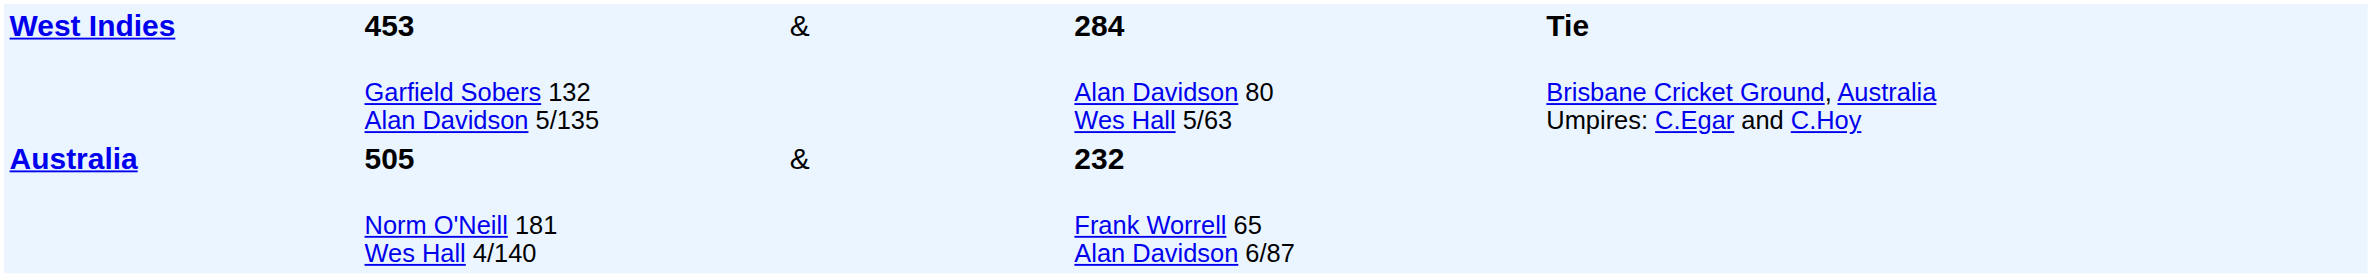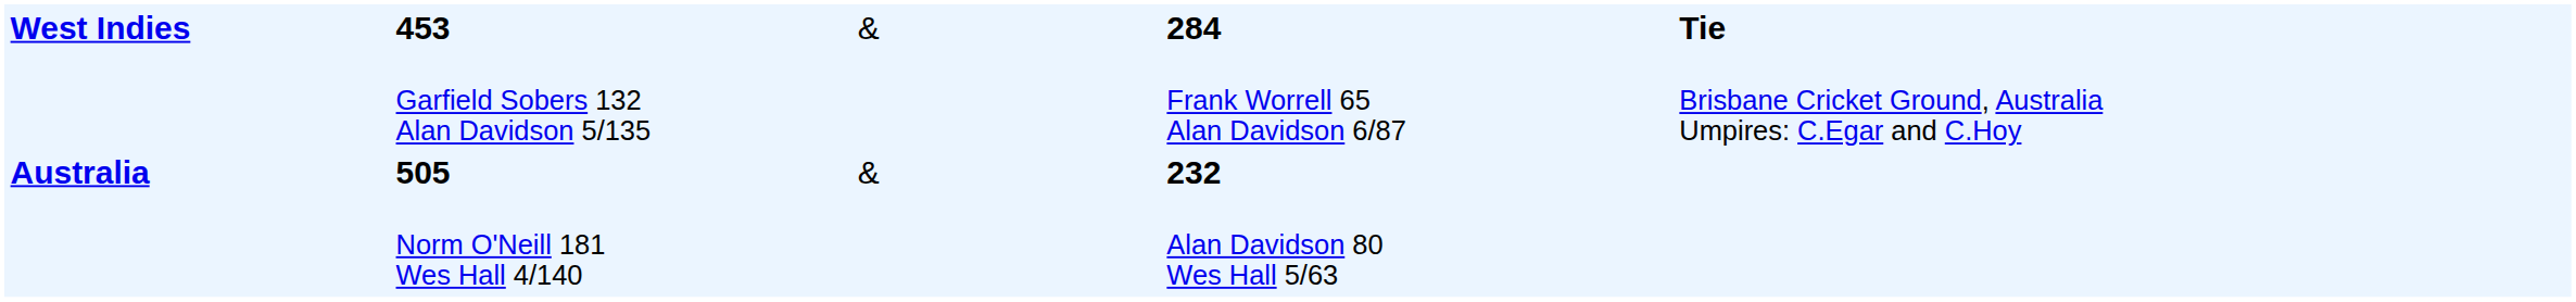 <table width="100%" style="background: #EBF5FF">
 <tr>
 <td width="15%" valign="top" rowspan="2"><strong><a href='#'>West Indies</a></strong></td>
 <td width="18%"><strong>453</strong></td>
 <td width="12%">&</td>
 <td width="20%"><strong>284</strong></td>
 <td width="35%"><strong>Tie</strong></td>
 </tr>
 <tr>
 <td style="font-size: 85%;" valign="top"><br><a href='#'>Garfield Sobers</a> 132<br> <a href='#'>Alan Davidson</a> 5/135</td>
 <td></td>
-<td valign="top" style="font-size: 85%;"><br><a href='#'>Alan Davidson</a> 80<br> <a href='#'>Wes Hall</a> 5/63</td>
+<td style="font-size: 85%;"><br><a href='#'>Frank Worrell</a> 65<br> <a href='#'>Alan Davidson</a> 6/87</td>
 <td valign="top" style="font-size: 85%;" rowspan="3"><br><a href='#'>Brisbane Cricket Ground</a>, <a href='#'>Australia</a><br> Umpires: <a href='#'>C.Egar</a> and <a href='#'>C.Hoy</a></td>
 </tr>
 <tr>
 <td valign="top" rowspan="2"><strong><a href='#'>Australia</a></strong></td>
 <td><strong>505</strong></td>
 <td>&</td>
 <td><strong>232</strong></td>
 </tr>
 <tr>
 <td style="font-size: 85%;"><br><a href='#'>Norm O'Neill</a> 181<br> <a href='#'>Wes Hall</a> 4/140</td>
 <td></td>
-<td style="font-size: 85%;"><br><a href='#'>Frank Worrell</a> 65<br> <a href='#'>Alan Davidson</a> 6/87</td>
+<td valign="top" style="font-size: 85%;"><br><a href='#'>Alan Davidson</a> 80<br> <a href='#'>Wes Hall</a> 5/63</td>
 </tr>
 </table>
